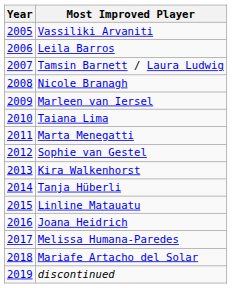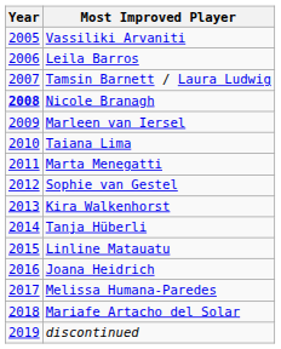 <table class="wikitable sortable" style="display:inline-table;">
 <tr>
 <th>Year</th>
 <th>Most Improved Player</th>
 </tr>
 <tr>
 <td><a href='#'>2005</a></td>
 <td> <a href='#'>Vassiliki Arvaniti</a></td>
 </tr>
 <tr>
 <td><a href='#'>2006</a></td>
 <td> <a href='#'>Leila Barros</a></td>
 </tr>
 <tr>
 <td><a href='#'>2007</a></td>
 <td> <a href='#'>Tamsin Barnett</a> /  <a href='#'>Laura Ludwig</a></td>
 </tr>
 <tr>
-<td><a href='#'>2008</a></td>
+<td><strong><a href='#'>2008</a></strong></td>
 <td> <a href='#'>Nicole Branagh</a></td>
 </tr>
 <tr>
 <td><a href='#'>2009</a></td>
 <td> <a href='#'>Marleen van Iersel</a></td>
 </tr>
 <tr>
 <td><a href='#'>2010</a></td>
 <td> <a href='#'>Taiana Lima</a></td>
 </tr>
 <tr>
 <td><a href='#'>2011</a></td>
 <td> <a href='#'>Marta Menegatti</a></td>
 </tr>
 <tr>
 <td><a href='#'>2012</a></td>
 <td> <a href='#'>Sophie van Gestel</a></td>
 </tr>
 <tr>
 <td><a href='#'>2013</a></td>
 <td> <a href='#'>Kira Walkenhorst</a></td>
 </tr>
 <tr>
 <td><a href='#'>2014</a></td>
 <td> <a href='#'>Tanja Hüberli</a></td>
 </tr>
 <tr>
 <td><a href='#'>2015</a></td>
 <td> <a href='#'>Linline Matauatu</a></td>
 </tr>
 <tr>
 <td><a href='#'>2016</a></td>
 <td> <a href='#'>Joana Heidrich</a></td>
 </tr>
 <tr>
 <td><a href='#'>2017</a></td>
 <td> <a href='#'>Melissa Humana-Paredes</a></td>
 </tr>
 <tr>
 <td><a href='#'>2018</a></td>
 <td> <a href='#'>Mariafe Artacho del Solar</a></td>
 </tr>
 <tr>
 <td><a href='#'>2019</a></td>
 <td><em>discontinued</em></td>
 </tr>
 </table>
